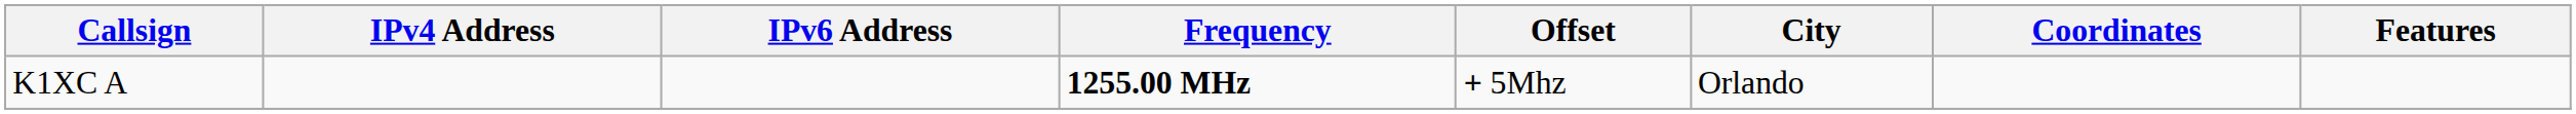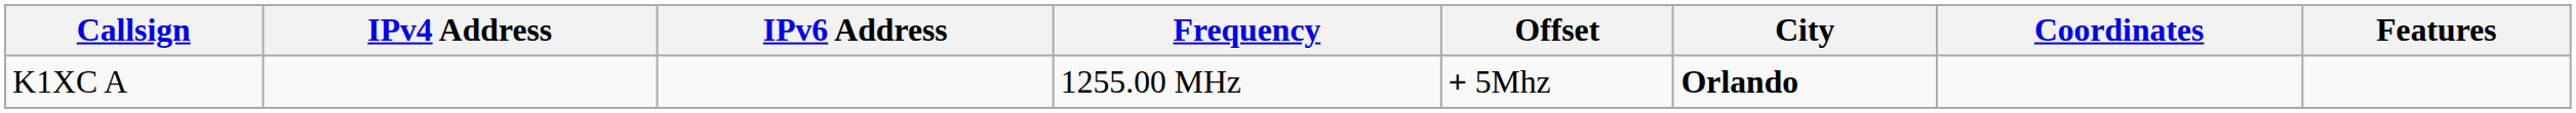 <table class="wikitable sortable" style="font-size: 100%; width: 100% ">
 <tr>
 <th><a href='#'>Callsign</a></th>
 <th><a href='#'>IPv4</a> Address</th>
 <th><a href='#'>IPv6</a> Address</th>
 <th><a href='#'>Frequency</a></th>
 <th>Offset</th>
 <th>City</th>
 <th><a href='#'>Coordinates</a></th>
 <th>Features</th>
 </tr>
 <tr>
 <td>K1XC A</td>
 <td></td>
 <td></td>
-<td><strong>1255.00 MHz</strong></td>
+<td>1255.00 MHz</td>
 <td><strong>+</strong> 5Mhz</td>
-<td>Orlando</td>
+<td><strong>Orlando</strong></td>
 <td></td>
 <td></td>
 </tr>
 <tr>
 </tr>
 </table>
